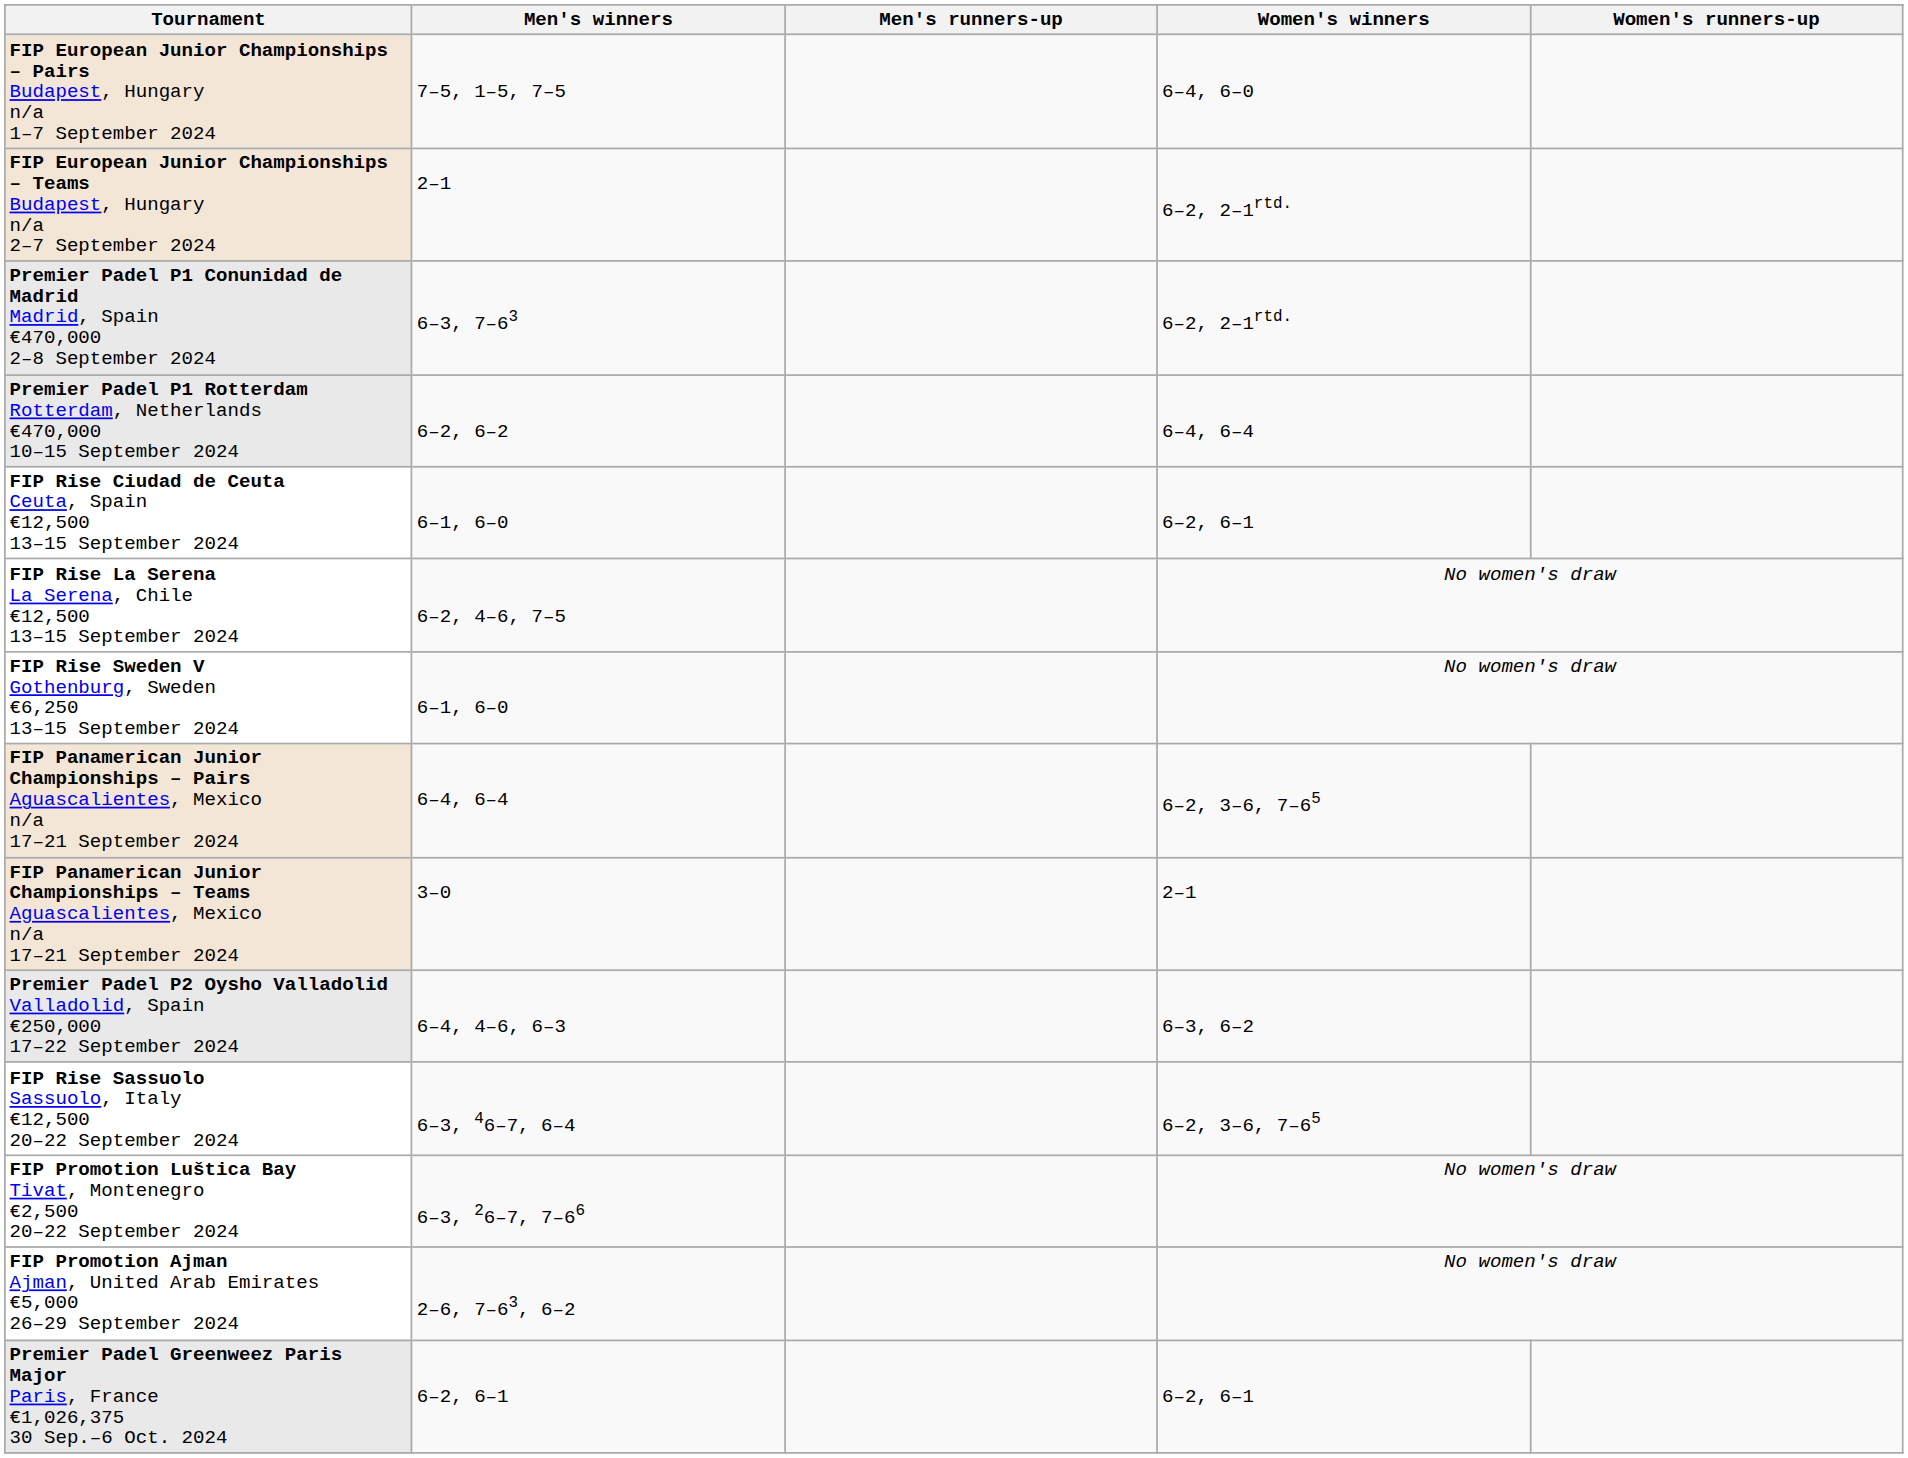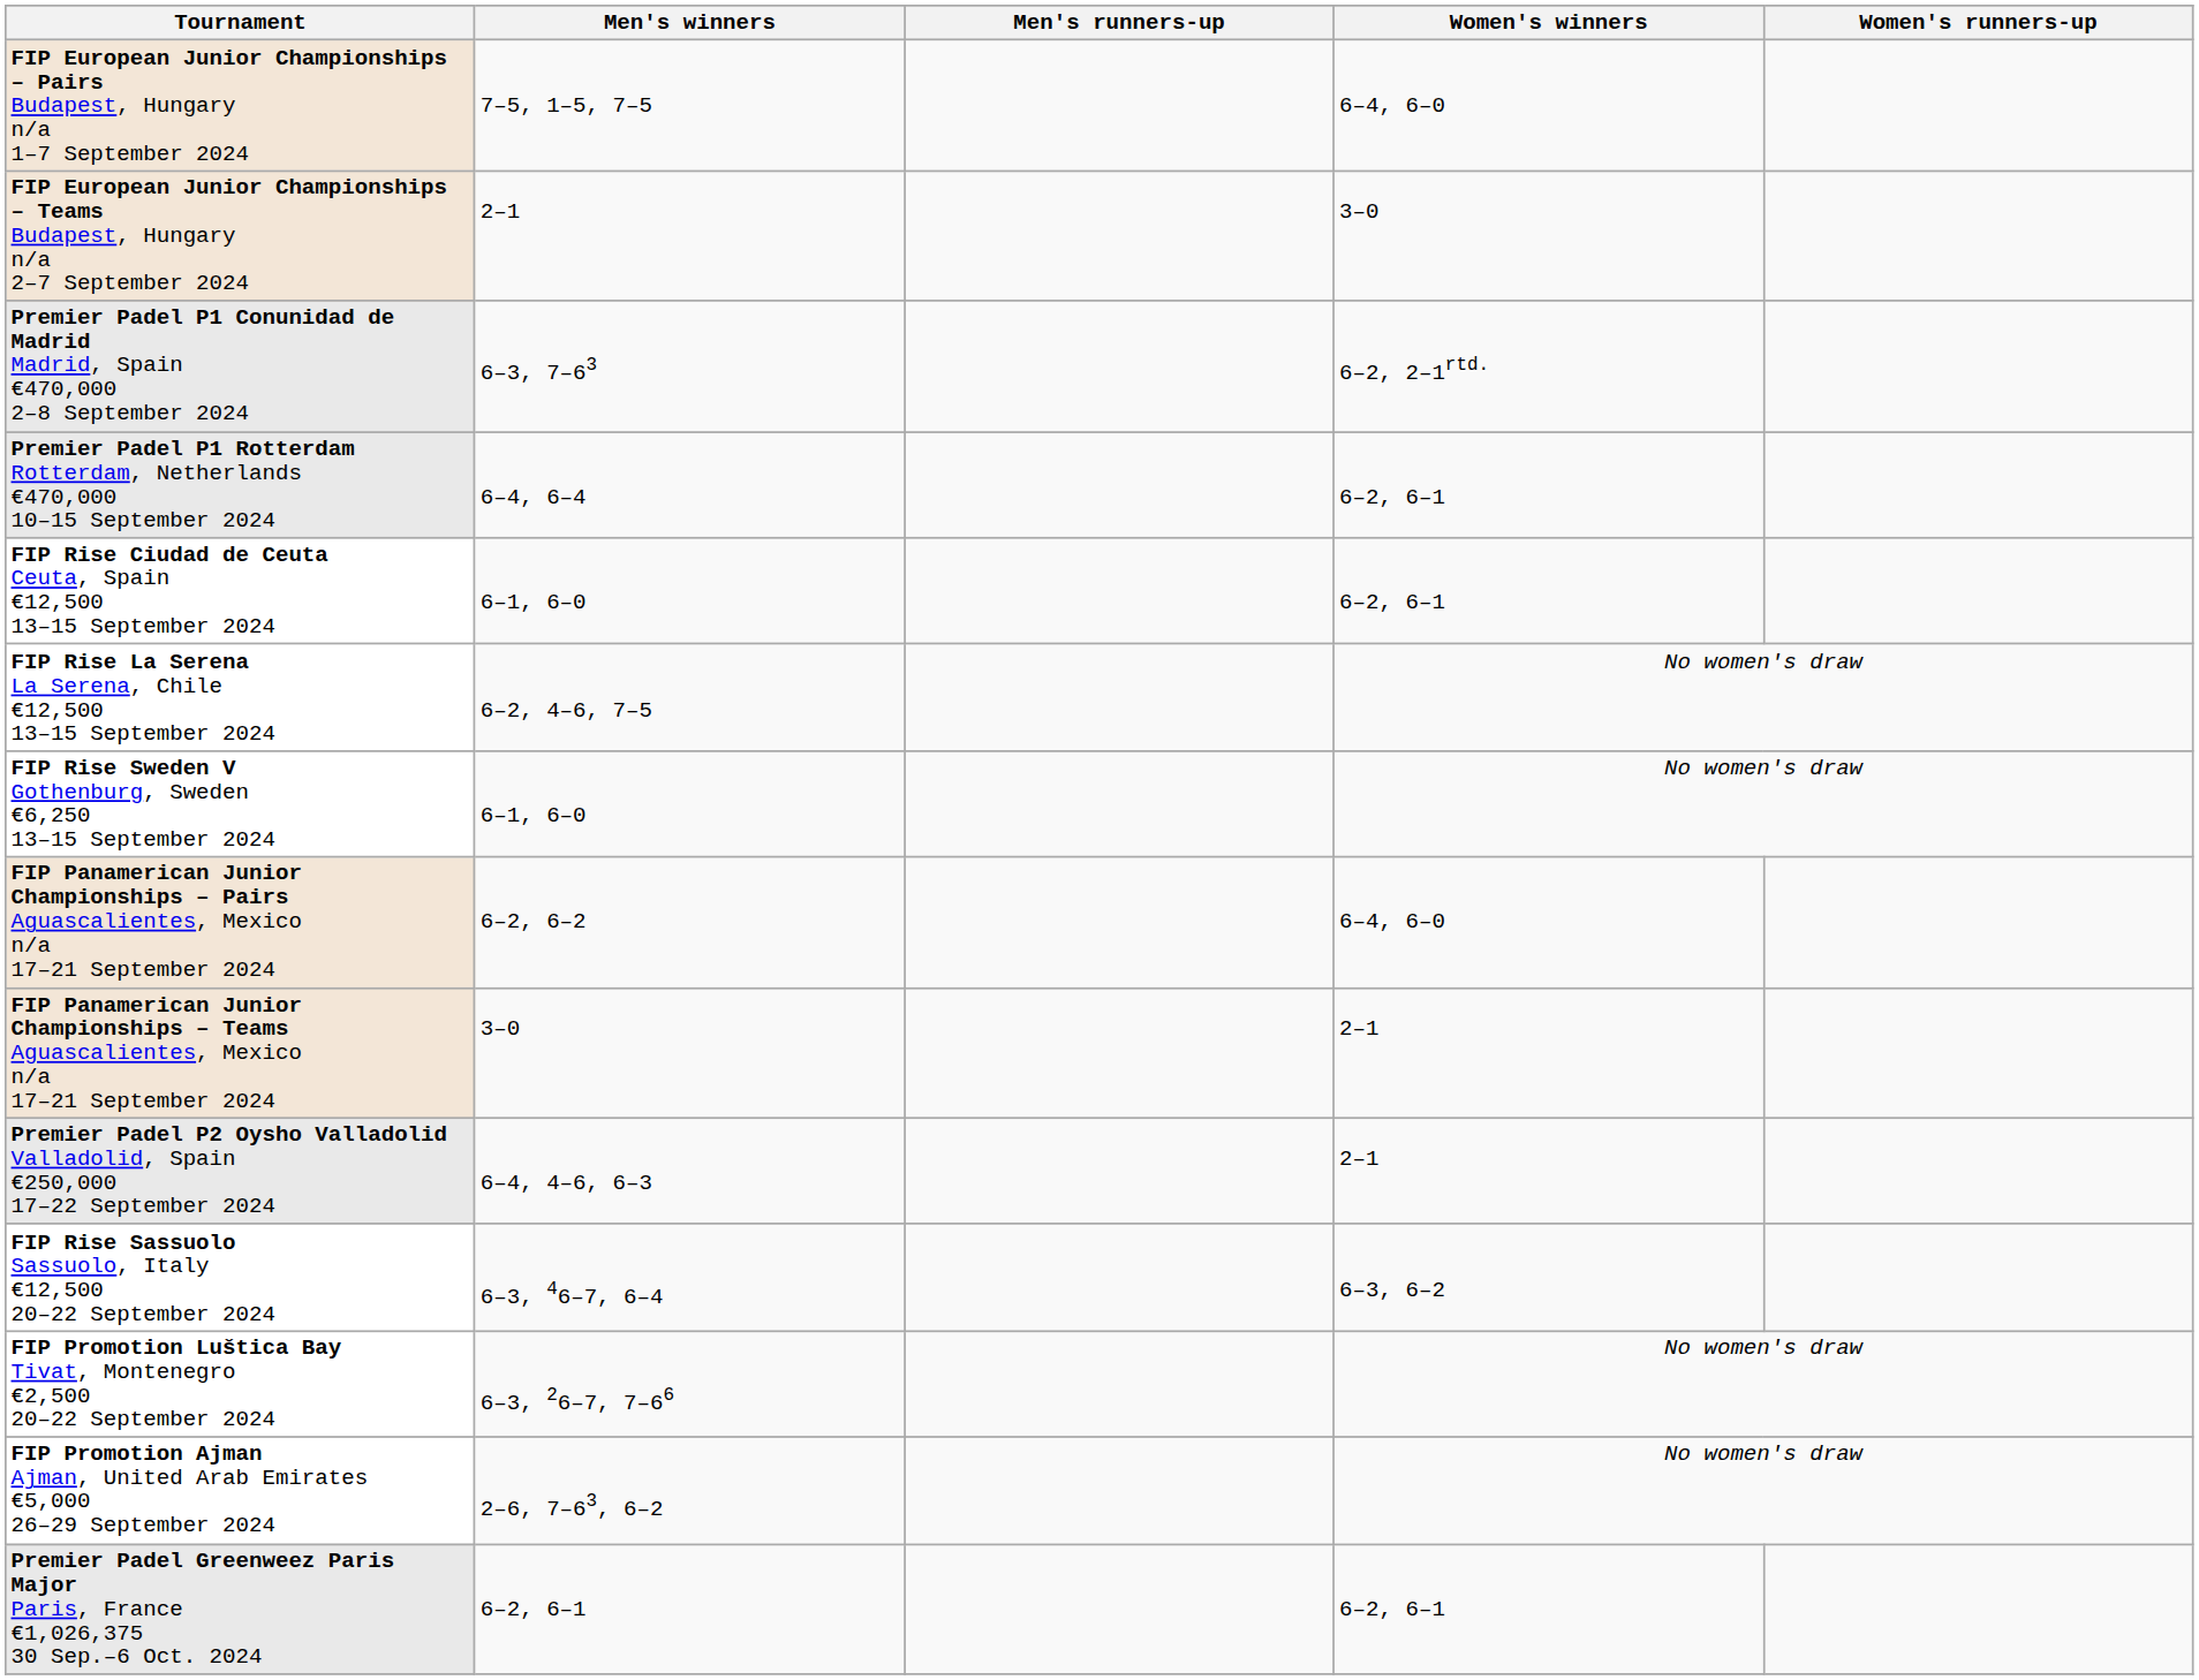 <table class="wikitable sortable nowrap" style=font-size:85%>
 <tr>
 <th width=230>Tournament</th>
 <th width=210>Men's winners</th>
 <th width=210>Men's runners-up</th>
 <th width=210>Women's winners</th>
 <th width=210>Women's runners-up</th>
 </tr>
 <tr valign=top>
 <td style="background:#F3E6D7;"><strong>FIP European Junior Championships – Pairs</strong><br><a href='#'>Budapest</a>, Hungary<br>n/a<br>1–7 September 2024</td>
 <td><strong><br></strong><br>7–5, 1–5, 7–5</td>
 <td><br></td>
 <td><strong><br></strong><br>6–4, 6–0</td>
 <td><br></td>
 </tr>
 <tr valign=top>
 <td style="background:#F3E6D7;"><strong>FIP European Junior Championships – Teams</strong><br><a href='#'>Budapest</a>, Hungary<br>n/a<br>2–7 September 2024</td>
 <td><strong></strong><br>2–1</td>
 <td></td>
-<td><strong><br></strong><br>6–2, 2–1<sup>rtd.</sup></td>
+<td><strong></strong><br>3–0</td>
 <td></td>
 </tr>
 <tr valign=top>
 <td style="background:#E9E9E9;"><strong>Premier Padel P1 Conunidad de Madrid</strong><br><a href='#'>Madrid</a>, Spain<br>€470,000<br>2–8 September 2024</td>
 <td><strong><br></strong><br>6–3, 7–6<sup>3</sup></td>
 <td><br></td>
 <td><strong><br></strong><br>6–2, 2–1<sup>rtd.</sup></td>
 <td><br></td>
 </tr>
 <tr valign=top>
 <td style="background:#E9E9E9;"><strong>Premier Padel P1 Rotterdam</strong><br><a href='#'>Rotterdam</a>, Netherlands<br>€470,000<br>10–15 September 2024</td>
-<td><strong><br></strong><br>6–2, 6–2</td>
+<td><strong><br></strong><br>6–4, 6–4</td>
 <td><br></td>
-<td><strong><br></strong><br>6–4, 6–4</td>
+<td><strong><br></strong><br>6–2, 6–1</td>
 <td><br></td>
 </tr>
 <tr valign=top>
 <td style="background:#ffffff;"><strong>FIP Rise Ciudad de Ceuta</strong><br><a href='#'>Ceuta</a>, Spain<br>€12,500<br>13–15 September 2024</td>
 <td><strong><br></strong><br>6–1, 6–0</td>
 <td><br></td>
 <td><strong><br></strong><br>6–2, 6–1</td>
 <td><br></td>
 </tr>
 <tr valign=top>
 <td style="background:#ffffff;"><strong>FIP Rise La Serena</strong><br><a href='#'>La Serena</a>, Chile<br>€12,500<br>13–15 September 2024</td>
 <td><strong><br></strong><br>6–2, 4–6, 7–5</td>
 <td><br></td>
 <td colspan=2 align="center"><em>No women's draw</em></td>
 </tr>
 <tr valign=top>
 <td style="background:#ffffff;"><strong>FIP Rise Sweden V</strong><br><a href='#'>Gothenburg</a>, Sweden<br>€6,250<br>13–15 September 2024</td>
 <td><strong><br></strong><br>6–1, 6–0</td>
 <td><br></td>
 <td colspan=2 align="center"><em>No women's draw</em></td>
 </tr>
 <tr valign=top>
 <td style="background:#F3E6D7;"><strong>FIP Panamerican Junior Championships – Pairs</strong><br><a href='#'>Aguascalientes</a>, Mexico<br>n/a<br>17–21 September 2024</td>
-<td><strong><br></strong><br>6–4, 6–4</td>
+<td><strong><br></strong><br>6–2, 6–2</td>
 <td><br></td>
-<td><strong><br></strong><br>6–2, 3–6, 7–6<sup>5</sup></td>
+<td><strong><br></strong><br>6–4, 6–0</td>
 <td><br></td>
 </tr>
 <tr valign=top>
 <td style="background:#F3E6D7;"><strong>FIP Panamerican Junior Championships – Teams</strong><br><a href='#'>Aguascalientes</a>, Mexico<br>n/a<br>17–21 September 2024</td>
 <td><strong></strong><br>3–0</td>
 <td></td>
 <td><strong></strong><br>2–1</td>
 <td></td>
 </tr>
 <tr valign=top>
 <td style="background:#E9E9E9;"><strong>Premier Padel P2 Oysho Valladolid</strong><br><a href='#'>Valladolid</a>, Spain<br>€250,000<br>17–22 September 2024</td>
 <td><strong><br></strong><br>6–4, 4–6, 6–3</td>
 <td><br></td>
-<td><strong><br></strong><br>6–3, 6–2</td>
+<td><strong></strong><br>2–1</td>
 <td><br></td>
 </tr>
 <tr valign=top>
 <td style="background:#ffffff;"><strong>FIP Rise Sassuolo</strong><br><a href='#'>Sassuolo</a>, Italy<br>€12,500<br>20–22 September 2024</td>
 <td><strong><br></strong><br>6–3, <sup>4</sup>6–7, 6–4</td>
 <td><br></td>
-<td><strong><br></strong><br>6–2, 3–6, 7–6<sup>5</sup></td>
+<td><strong><br></strong><br>6–3, 6–2</td>
 <td><br></td>
 </tr>
 <tr valign=top>
 <td style="background:#ffffff;"><strong>FIP Promotion Luštica Bay</strong><br><a href='#'>Tivat</a>, Montenegro<br>€2,500<br>20–22 September 2024</td>
 <td><strong><br></strong><br>6–3, <sup>2</sup>6–7, 7–6<sup>6</sup></td>
 <td><br></td>
 <td colspan=2 align="center"><em>No women's draw</em></td>
 </tr>
 <tr valign=top>
 <td style="background:#ffffff;"><strong>FIP Promotion Ajman</strong><br><a href='#'>Ajman</a>, United Arab Emirates<br>€5,000<br>26–29 September 2024</td>
 <td><strong><br></strong><br>2–6, 7–6<sup>3</sup>, 6–2</td>
 <td><br></td>
 <td colspan=2 align="center"><em>No women's draw</em></td>
 </tr>
 <tr valign=top>
 <td style="background:#E9E9E9;"><strong>Premier Padel Greenweez Paris Major</strong><br><a href='#'>Paris</a>, France<br>€1,026,375<br>30 Sep.–6 Oct. 2024</td>
 <td><strong><br></strong><br>6–2, 6–1</td>
 <td><br></td>
 <td><strong><br></strong><br>6–2, 6–1</td>
 <td><br></td>
 </tr>
 </table>
